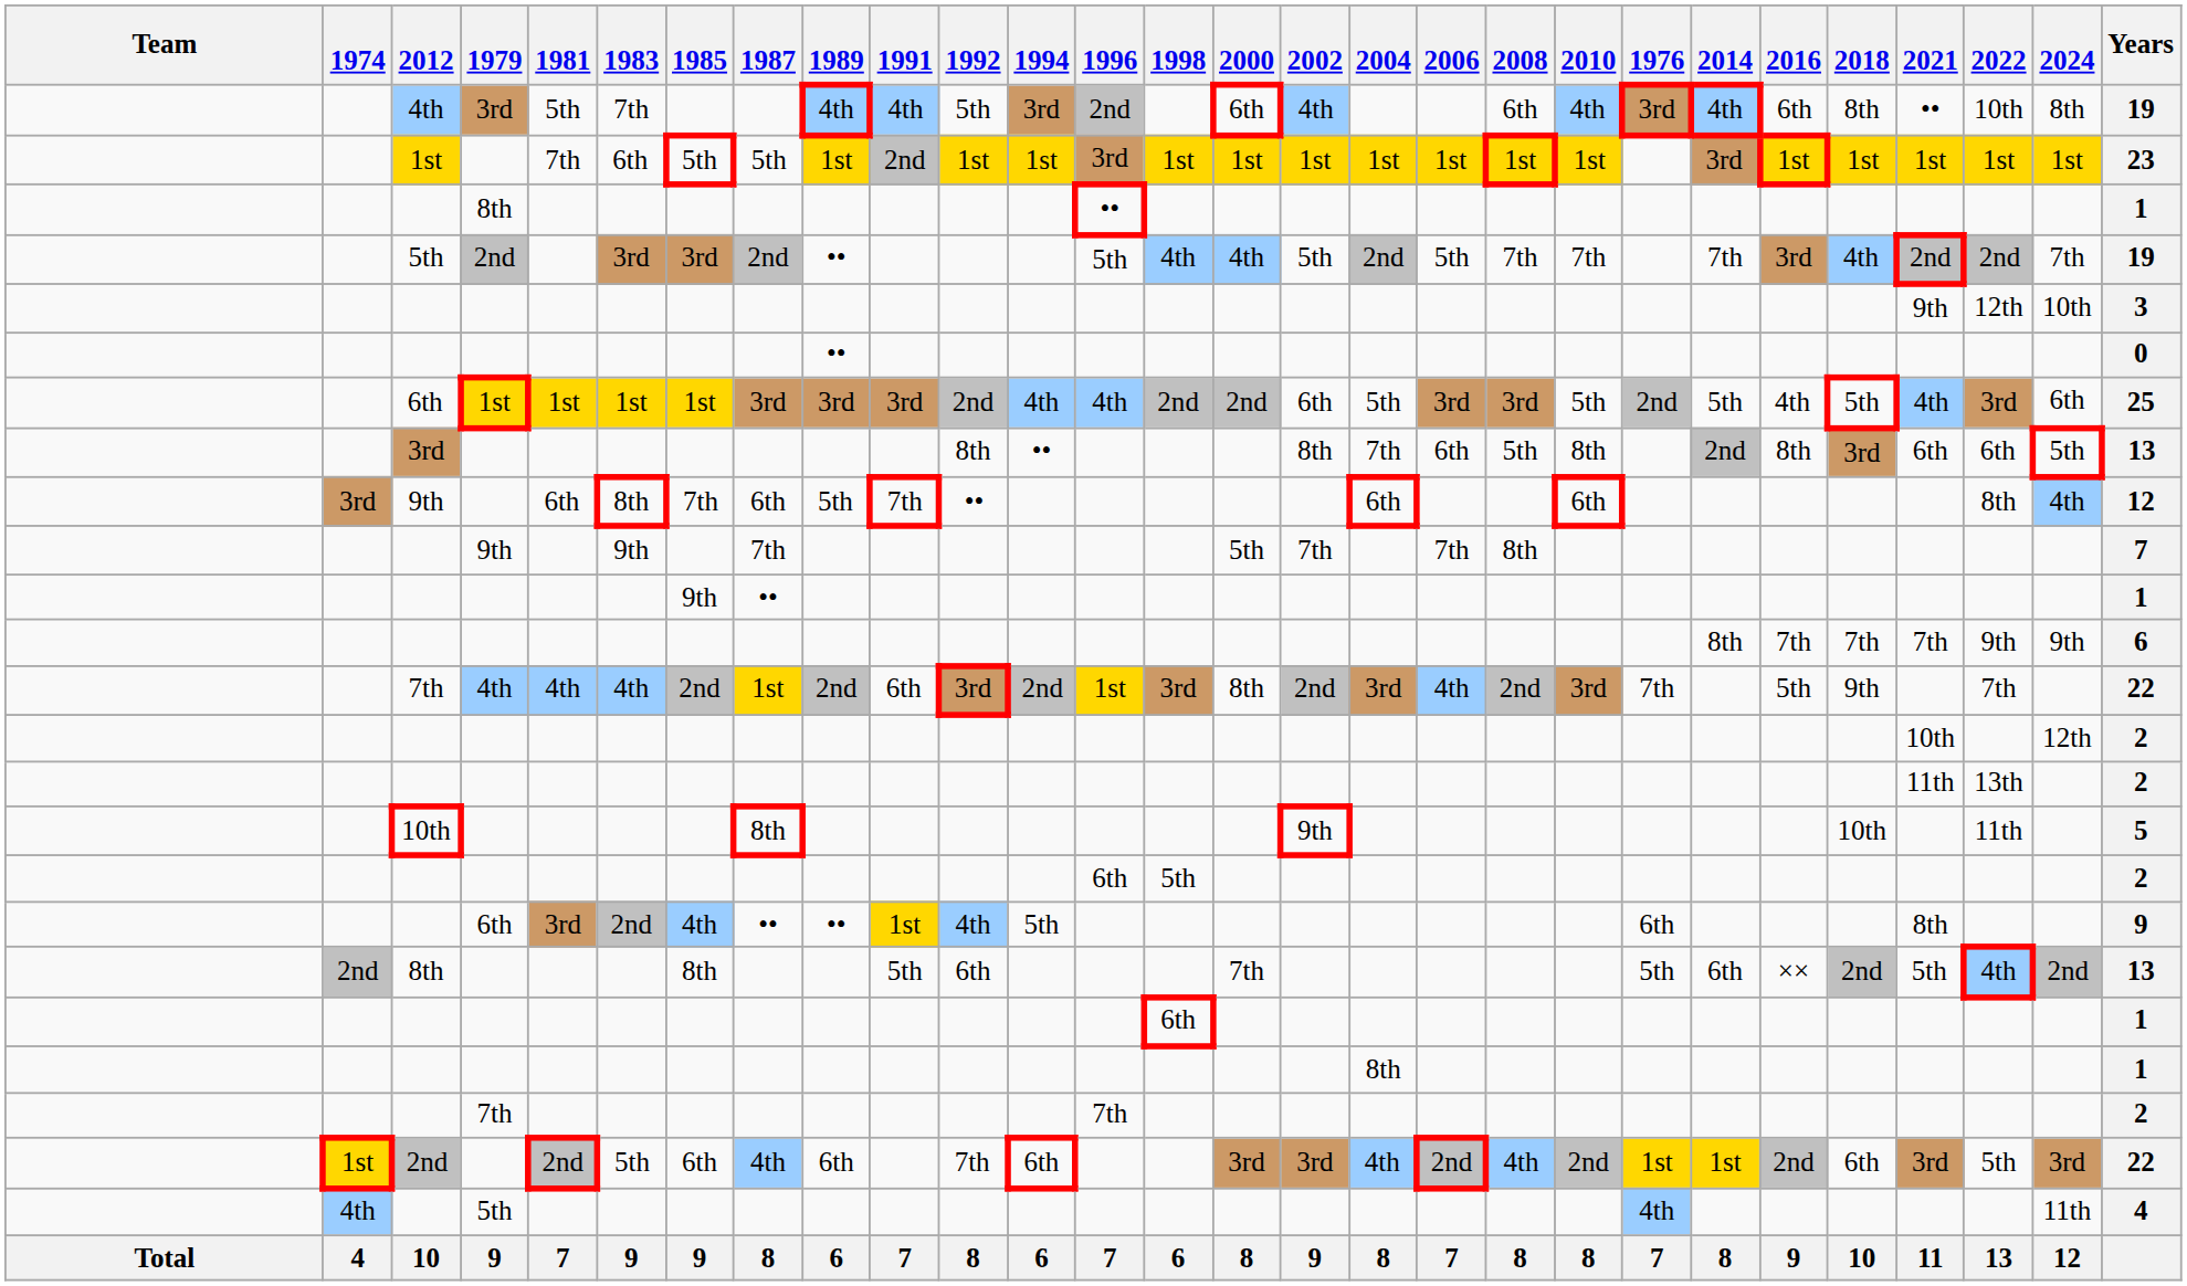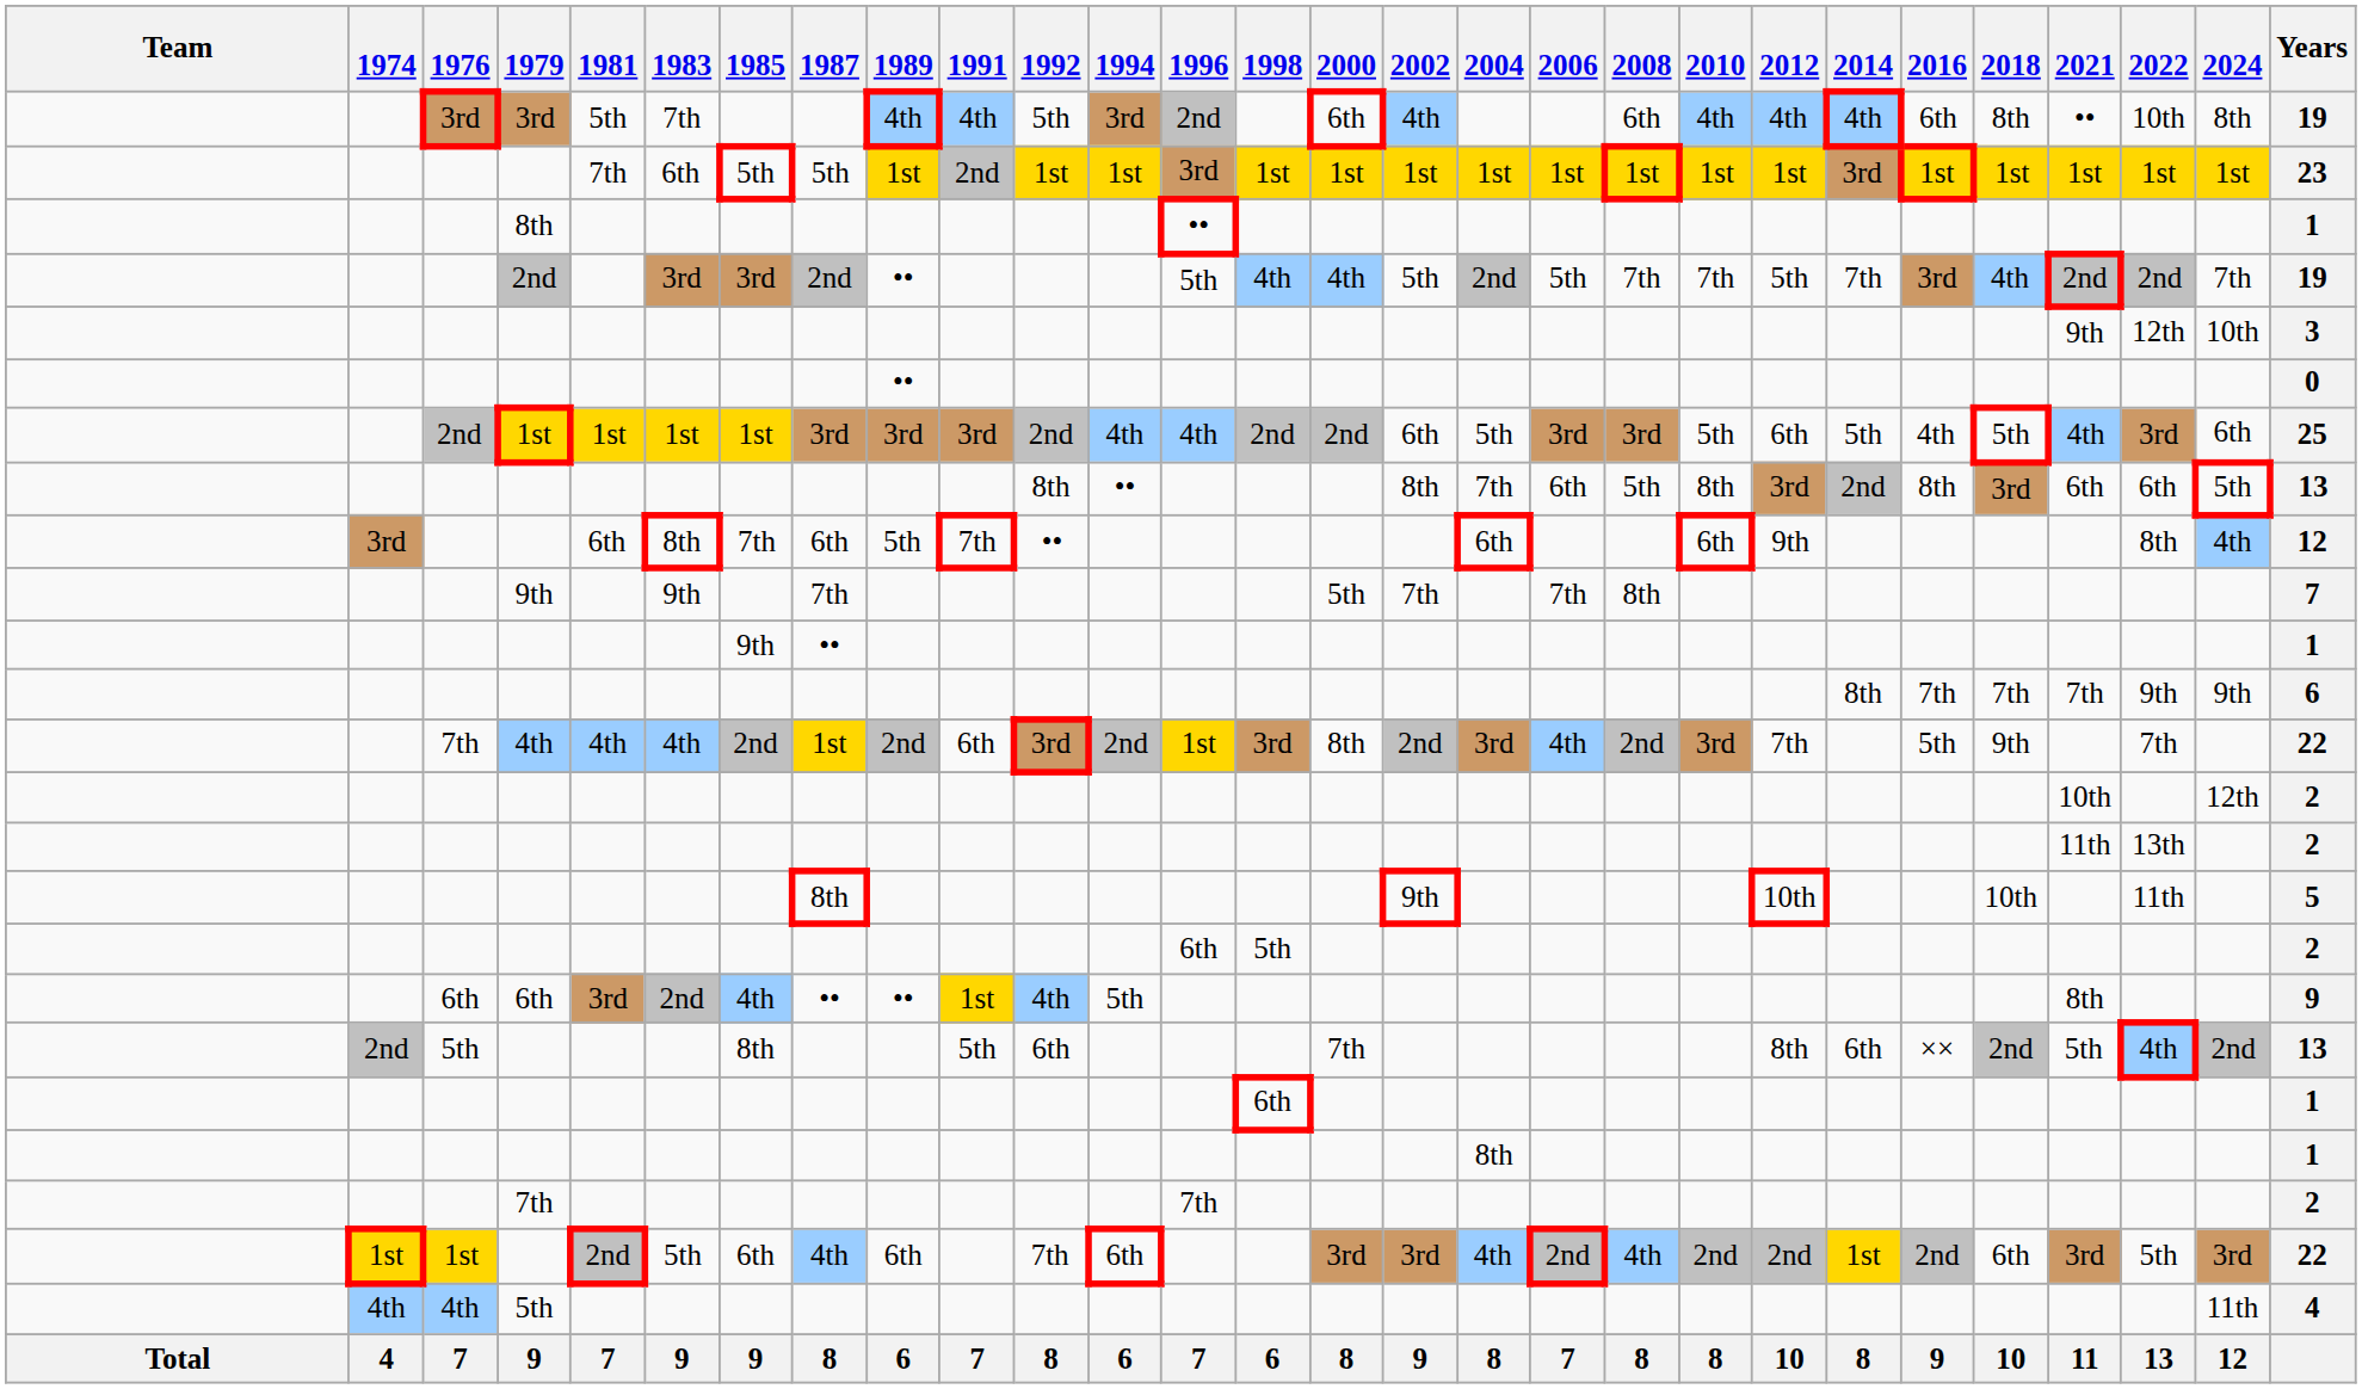 <table class="wikitable" style="text-align:center; font-size:85%">
 <tr>
 <th width="150px">Team</th>
 <th><br><a href='#'>1974</a></th>
-<th><br><a href='#'>2012</a></th>
+<th><br><a href='#'>1976</a></th>
 <th><br><a href='#'>1979</a></th>
 <th><br><a href='#'>1981</a></th>
 <th><br><a href='#'>1983</a></th>
 <th><br><a href='#'>1985</a></th>
 <th><br><a href='#'>1987</a></th>
 <th><br><a href='#'>1989</a></th>
 <th><br><a href='#'>1991</a></th>
 <th><br><a href='#'>1992</a></th>
 <th><br><a href='#'>1994</a></th>
 <th><br><a href='#'>1996</a></th>
 <th><br><a href='#'>1998</a></th>
 <th><br><a href='#'>2000</a></th>
 <th><br><a href='#'>2002</a></th>
 <th><br><a href='#'>2004</a></th>
 <th><br><a href='#'>2006</a></th>
 <th><br><a href='#'>2008</a></th>
 <th><br><a href='#'>2010</a></th>
-<th><br><a href='#'>1976</a></th>
+<th><br><a href='#'>2012</a></th>
 <th><br><a href='#'>2014</a></th>
 <th><br><a href='#'>2016</a></th>
 <th><br><a href='#'>2018</a></th>
 <th><br><a href='#'>2021</a></th>
 <th><br><a href='#'>2022</a></th>
 <th><br><a href='#'>2024</a></th>
 <th>Years</th>
 </tr>
 <tr>
 <td align=left></td>
 <td></td>
-<td bgcolor=#9acdff>4th</td>
+<td bgcolor=#cc9966 style="border:3px solid red">3rd</td>
 <td bgcolor=#cc9966>3rd</td>
 <td>5th</td>
 <td>7th</td>
 <td></td>
 <td></td>
 <td bgcolor=#9acdff style="border:3px solid red">4th</td>
 <td bgcolor=#9acdff>4th</td>
 <td>5th</td>
 <td bgcolor=#cc9966>3rd</td>
 <td bgcolor=Silver>2nd</td>
 <td></td>
 <td style="border:3px solid red">6th</td>
 <td bgcolor=#9acdff>4th</td>
 <td></td>
 <td></td>
 <td>6th</td>
 <td bgcolor=#9acdff>4th</td>
-<td bgcolor=#cc9966 style="border:3px solid red">3rd</td>
+<td bgcolor=#9acdff>4th</td>
 <td bgcolor=#9acdff style="border:3px solid red">4th</td>
 <td>6th</td>
 <td>8th</td>
 <td>••</td>
 <td>10th</td>
 <td>8th</td>
 <th>19</th>
 </tr>
 <tr>
 <td align=left></td>
 <td></td>
-<td bgcolor=Gold>1st</td>
+<td></td>
 <td></td>
 <td>7th</td>
 <td>6th</td>
 <td style="border:3px solid red">5th</td>
 <td>5th</td>
 <td bgcolor=Gold>1st</td>
 <td bgcolor=Silver>2nd</td>
 <td bgcolor=Gold>1st</td>
 <td bgcolor=Gold>1st</td>
 <td bgcolor=#cc9966>3rd</td>
 <td bgcolor=Gold>1st</td>
 <td bgcolor=Gold>1st</td>
 <td bgcolor=Gold>1st</td>
 <td bgcolor=Gold>1st</td>
 <td bgcolor=Gold>1st</td>
 <td bgcolor=Gold style="border:3px solid red">1st</td>
 <td bgcolor=Gold>1st</td>
-<td></td>
+<td bgcolor=Gold>1st</td>
 <td bgcolor=#cc9966>3rd</td>
 <td bgcolor=Gold style="border:3px solid red">1st</td>
 <td bgcolor=Gold>1st</td>
 <td bgcolor=Gold>1st</td>
 <td bgcolor=Gold>1st</td>
 <td bgcolor=Gold>1st</td>
 <th>23</th>
 </tr>
 <tr>
 <td align=left></td>
 <td></td>
 <td></td>
 <td>8th</td>
 <td></td>
 <td></td>
 <td></td>
 <td></td>
 <td></td>
 <td></td>
 <td></td>
 <td></td>
 <td style="border:3px solid red">••</td>
 <td></td>
 <td></td>
 <td></td>
 <td></td>
 <td></td>
 <td></td>
 <td></td>
 <td></td>
 <td></td>
 <td></td>
 <td></td>
 <td></td>
 <td></td>
 <td></td>
 <th>1</th>
 </tr>
 <tr>
 <td align=left></td>
 <td></td>
-<td>5th</td>
+<td></td>
 <td bgcolor=Silver>2nd</td>
 <td></td>
 <td bgcolor=#cc9966>3rd</td>
 <td bgcolor=#cc9966>3rd</td>
 <td bgcolor=Silver>2nd</td>
 <td>••</td>
 <td></td>
 <td></td>
 <td></td>
 <td>5th</td>
 <td bgcolor=#9acdff>4th</td>
 <td bgcolor=#9acdff>4th</td>
 <td>5th</td>
 <td bgcolor=Silver>2nd</td>
 <td>5th</td>
 <td>7th</td>
 <td>7th</td>
-<td></td>
+<td>5th</td>
 <td>7th</td>
 <td bgcolor=#cc9966>3rd</td>
 <td bgcolor=#9acdff>4th</td>
 <td style="border:3px solid red" bgcolor=Silver>2nd</td>
 <td bgcolor=Silver>2nd</td>
 <td>7th</td>
 <th>19</th>
 </tr>
 <tr>
 <td align=left></td>
 <td></td>
 <td></td>
 <td></td>
 <td></td>
 <td></td>
 <td></td>
 <td></td>
 <td></td>
 <td></td>
 <td></td>
 <td></td>
 <td></td>
 <td></td>
 <td></td>
 <td></td>
 <td></td>
 <td></td>
 <td></td>
 <td></td>
 <td></td>
 <td></td>
 <td></td>
 <td></td>
 <td>9th</td>
 <td>12th</td>
 <td>10th</td>
 <th>3</th>
 </tr>
 <tr>
 <td align=left></td>
 <td></td>
 <td></td>
 <td></td>
 <td></td>
 <td></td>
 <td></td>
 <td></td>
 <td>••</td>
 <td></td>
 <td></td>
 <td></td>
 <td></td>
 <td></td>
 <td></td>
 <td></td>
 <td></td>
 <td></td>
 <td></td>
 <td></td>
 <td></td>
 <td></td>
 <td></td>
 <td></td>
 <td></td>
 <td></td>
 <td></td>
 <th>0</th>
 </tr>
 <tr>
 <td align=left></td>
 <td></td>
-<td>6th</td>
+<td bgcolor=Silver>2nd</td>
 <td bgcolor=Gold style="border:3px solid red">1st</td>
 <td bgcolor=Gold>1st</td>
 <td bgcolor=Gold>1st</td>
 <td bgcolor=Gold>1st</td>
 <td bgcolor=#cc9966>3rd</td>
 <td bgcolor=#cc9966>3rd</td>
 <td bgcolor=#cc9966>3rd</td>
 <td bgcolor=Silver>2nd</td>
 <td bgcolor=#9acdff>4th</td>
 <td bgcolor=#9acdff>4th</td>
 <td bgcolor=Silver>2nd</td>
 <td bgcolor=Silver>2nd</td>
 <td>6th</td>
 <td>5th</td>
 <td bgcolor=#cc9966>3rd</td>
 <td bgcolor=#cc9966>3rd</td>
 <td>5th</td>
-<td bgcolor=Silver>2nd</td>
+<td>6th</td>
 <td>5th</td>
 <td>4th</td>
 <td style="border:3px solid red">5th</td>
 <td bgcolor=#9acdff>4th</td>
 <td bgcolor=#cc9966>3rd</td>
 <td>6th</td>
 <th>25</th>
 </tr>
 <tr>
 <td align=left></td>
 <td></td>
-<td bgcolor=#cc9966>3rd</td>
+<td></td>
 <td></td>
 <td></td>
 <td></td>
 <td></td>
 <td></td>
 <td></td>
 <td></td>
 <td>8th</td>
 <td>••</td>
 <td></td>
 <td></td>
 <td></td>
 <td>8th</td>
 <td>7th</td>
 <td>6th</td>
 <td>5th</td>
 <td>8th</td>
-<td></td>
+<td bgcolor=#cc9966>3rd</td>
 <td bgcolor=Silver>2nd</td>
 <td>8th</td>
 <td bgcolor=#cc9966>3rd</td>
 <td>6th</td>
 <td>6th</td>
 <td style="border:3px solid red">5th</td>
 <th>13</th>
 </tr>
 <tr>
 <td align=left></td>
 <td bgcolor=#cc9966>3rd</td>
-<td>9th</td>
+<td></td>
 <td></td>
 <td>6th</td>
 <td style="border:3px solid red">8th</td>
 <td>7th</td>
 <td>6th</td>
 <td>5th</td>
 <td style="border:3px solid red">7th</td>
 <td>••</td>
 <td></td>
 <td></td>
 <td></td>
 <td></td>
 <td></td>
 <td style="border:3px solid red">6th</td>
 <td></td>
 <td></td>
 <td style="border:3px solid red">6th</td>
-<td></td>
+<td>9th</td>
 <td></td>
 <td></td>
 <td></td>
 <td></td>
 <td>8th</td>
 <td bgcolor=#9acdff>4th</td>
 <th>12</th>
 </tr>
 <tr>
 <td align=left></td>
 <td></td>
 <td></td>
 <td>9th</td>
 <td></td>
 <td>9th</td>
 <td></td>
 <td>7th</td>
 <td></td>
 <td></td>
 <td></td>
 <td></td>
 <td></td>
 <td></td>
 <td>5th</td>
 <td>7th</td>
 <td></td>
 <td>7th</td>
 <td>8th</td>
 <td></td>
 <td></td>
 <td></td>
 <td></td>
 <td></td>
 <td></td>
 <td></td>
 <td></td>
 <th>7</th>
 </tr>
 <tr>
 <td align=left></td>
 <td></td>
 <td></td>
 <td></td>
 <td></td>
 <td></td>
 <td>9th</td>
 <td>••</td>
 <td></td>
 <td></td>
 <td></td>
 <td></td>
 <td></td>
 <td></td>
 <td></td>
 <td></td>
 <td></td>
 <td></td>
 <td></td>
 <td></td>
 <td></td>
 <td></td>
 <td></td>
 <td></td>
 <td></td>
 <td></td>
 <td></td>
 <th>1</th>
 </tr>
 <tr>
 <td align=left></td>
 <td></td>
 <td></td>
 <td></td>
 <td></td>
 <td></td>
 <td></td>
 <td></td>
 <td></td>
 <td></td>
 <td></td>
 <td></td>
 <td></td>
 <td></td>
 <td></td>
 <td></td>
 <td></td>
 <td></td>
 <td></td>
 <td></td>
 <td></td>
 <td>8th</td>
 <td>7th</td>
 <td>7th</td>
 <td>7th</td>
 <td>9th</td>
 <td>9th</td>
 <th>6</th>
 </tr>
 <tr>
 <td align=left></td>
 <td></td>
 <td>7th</td>
 <td bgcolor=#9acdff>4th</td>
 <td bgcolor=#9acdff>4th</td>
 <td bgcolor=#9acdff>4th</td>
 <td bgcolor=Silver>2nd</td>
 <td bgcolor=Gold>1st</td>
 <td bgcolor=Silver>2nd</td>
 <td>6th</td>
 <td bgcolor=#cc9966 style="border:3px solid red">3rd</td>
 <td bgcolor=Silver>2nd</td>
 <td bgcolor=Gold>1st</td>
 <td bgcolor=#cc9966>3rd</td>
 <td>8th</td>
 <td bgcolor=Silver>2nd</td>
 <td bgcolor=#cc9966>3rd</td>
 <td bgcolor=#9acdff>4th</td>
 <td bgcolor=Silver>2nd</td>
 <td bgcolor=#cc9966>3rd</td>
 <td>7th</td>
 <td></td>
 <td>5th</td>
 <td>9th</td>
 <td></td>
 <td>7th</td>
 <td></td>
 <th>22</th>
 </tr>
 <tr>
 <td align=left></td>
 <td></td>
 <td></td>
 <td></td>
 <td></td>
 <td></td>
 <td></td>
 <td></td>
 <td></td>
 <td></td>
 <td></td>
 <td></td>
 <td></td>
 <td></td>
 <td></td>
 <td></td>
 <td></td>
 <td></td>
 <td></td>
 <td></td>
 <td></td>
 <td></td>
 <td></td>
 <td></td>
 <td>10th</td>
 <td></td>
 <td>12th</td>
 <th>2</th>
 </tr>
 <tr>
 <td align=left></td>
 <td></td>
 <td></td>
 <td></td>
 <td></td>
 <td></td>
 <td></td>
 <td></td>
 <td></td>
 <td></td>
 <td></td>
 <td></td>
 <td></td>
 <td></td>
 <td></td>
 <td></td>
 <td></td>
 <td></td>
 <td></td>
 <td></td>
 <td></td>
 <td></td>
 <td></td>
 <td></td>
 <td>11th</td>
 <td>13th</td>
 <td></td>
 <th>2</th>
 </tr>
 <tr>
 <td align=left></td>
 <td></td>
-<td style="border:3px solid red">10th</td>
+<td></td>
 <td></td>
 <td></td>
 <td></td>
 <td></td>
 <td style="border:3px solid red">8th</td>
 <td></td>
 <td></td>
 <td></td>
 <td></td>
 <td></td>
 <td></td>
 <td></td>
 <td style="border:3px solid red">9th</td>
 <td></td>
 <td></td>
 <td></td>
 <td></td>
-<td></td>
+<td style="border:3px solid red">10th</td>
 <td></td>
 <td></td>
 <td>10th</td>
 <td></td>
 <td>11th</td>
 <td></td>
 <th>5</th>
 </tr>
 <tr>
 <td align=left></td>
 <td></td>
 <td></td>
 <td></td>
 <td></td>
 <td></td>
 <td></td>
 <td></td>
 <td></td>
 <td></td>
 <td></td>
 <td></td>
 <td>6th</td>
 <td>5th</td>
 <td></td>
 <td></td>
 <td></td>
 <td></td>
 <td></td>
 <td></td>
 <td></td>
 <td></td>
 <td></td>
 <td></td>
 <td></td>
 <td></td>
 <td></td>
 <th>2</th>
 </tr>
 <tr>
 <td align=left></td>
 <td></td>
-<td></td>
+<td>6th</td>
 <td>6th</td>
 <td bgcolor=#cc9966>3rd</td>
 <td bgcolor=Silver>2nd</td>
 <td bgcolor=#9acdff>4th</td>
 <td>••</td>
 <td>••</td>
 <td bgcolor=Gold>1st</td>
 <td bgcolor=#9acdff>4th</td>
 <td>5th</td>
 <td></td>
 <td></td>
 <td></td>
 <td></td>
 <td></td>
 <td></td>
 <td></td>
 <td></td>
-<td>6th</td>
+<td></td>
 <td></td>
 <td></td>
 <td></td>
 <td>8th</td>
 <td></td>
 <td></td>
 <th>9</th>
 </tr>
 <tr>
 <td align=left></td>
 <td bgcolor=Silver>2nd</td>
-<td>8th</td>
+<td>5th</td>
 <td></td>
 <td></td>
 <td></td>
 <td>8th</td>
 <td></td>
 <td></td>
 <td>5th</td>
 <td>6th</td>
 <td></td>
 <td></td>
 <td></td>
 <td>7th</td>
 <td></td>
 <td></td>
 <td></td>
 <td></td>
 <td></td>
-<td>5th</td>
+<td>8th</td>
 <td>6th</td>
 <td>××</td>
 <td bgcolor=Silver>2nd</td>
 <td>5th</td>
 <td bgcolor=#9acdff style="border:3px solid red">4th</td>
 <td bgcolor=Silver>2nd</td>
 <th>13</th>
 </tr>
 <tr>
 <td align=left></td>
 <td></td>
 <td></td>
 <td></td>
 <td></td>
 <td></td>
 <td></td>
 <td></td>
 <td></td>
 <td></td>
 <td></td>
 <td></td>
 <td></td>
 <td style="border:3px solid red">6th</td>
 <td></td>
 <td></td>
 <td></td>
 <td></td>
 <td></td>
 <td></td>
 <td></td>
 <td></td>
 <td></td>
 <td></td>
 <td></td>
 <td></td>
 <td></td>
 <th>1</th>
 </tr>
 <tr>
 <td align=left></td>
 <td></td>
 <td></td>
 <td></td>
 <td></td>
 <td></td>
 <td></td>
 <td></td>
 <td></td>
 <td></td>
 <td></td>
 <td></td>
 <td></td>
 <td></td>
 <td></td>
 <td></td>
 <td>8th</td>
 <td></td>
 <td></td>
 <td></td>
 <td></td>
 <td></td>
 <td></td>
 <td></td>
 <td></td>
 <td></td>
 <td></td>
 <th>1</th>
 </tr>
 <tr>
 <td align=left></td>
 <td></td>
 <td></td>
 <td>7th</td>
 <td></td>
 <td></td>
 <td></td>
 <td></td>
 <td></td>
 <td></td>
 <td></td>
 <td></td>
 <td>7th</td>
 <td></td>
 <td></td>
 <td></td>
 <td></td>
 <td></td>
 <td></td>
 <td></td>
 <td></td>
 <td></td>
 <td></td>
 <td></td>
 <td></td>
 <td></td>
 <td></td>
 <th>2</th>
 </tr>
 <tr>
 <td align=left></td>
 <td bgcolor=Gold style="border:3px solid red">1st</td>
-<td bgcolor=Silver>2nd</td>
+<td bgcolor=Gold>1st</td>
 <td></td>
 <td bgcolor=Silver style="border:3px solid red">2nd</td>
 <td>5th</td>
 <td>6th</td>
 <td bgcolor=#9acdff>4th</td>
 <td>6th</td>
 <td></td>
 <td>7th</td>
 <td style="border:3px solid red">6th</td>
 <td></td>
 <td></td>
 <td bgcolor=#cc9966>3rd</td>
 <td bgcolor=#cc9966>3rd</td>
 <td bgcolor=#9acdff>4th</td>
 <td bgcolor=Silver style="border:3px solid red">2nd</td>
 <td bgcolor=#9acdff>4th</td>
 <td bgcolor=Silver>2nd</td>
-<td bgcolor=Gold>1st</td>
+<td bgcolor=Silver>2nd</td>
 <td bgcolor=Gold>1st</td>
 <td bgcolor=Silver>2nd</td>
 <td>6th</td>
 <td bgcolor=#cc9966>3rd</td>
 <td>5th</td>
 <td bgcolor=#cc9966>3rd</td>
 <th>22</th>
 </tr>
 <tr>
 <td align=left></td>
 <td bgcolor=#9acdff>4th</td>
-<td></td>
+<td bgcolor=#9acdff>4th</td>
 <td>5th</td>
 <td></td>
 <td></td>
 <td></td>
 <td></td>
 <td></td>
 <td></td>
 <td></td>
 <td></td>
 <td></td>
 <td></td>
 <td></td>
 <td></td>
 <td></td>
 <td></td>
 <td></td>
 <td></td>
-<td bgcolor=#9acdff>4th</td>
+<td></td>
 <td></td>
 <td></td>
 <td></td>
 <td></td>
 <td></td>
 <td>11th</td>
 <th>4</th>
 </tr>
 <tr>
 <th>Total</th>
 <th>4</th>
-<th>10</th>
+<th>7</th>
 <th>9</th>
 <th>7</th>
 <th>9</th>
 <th>9</th>
 <th>8</th>
 <th>6</th>
 <th>7</th>
 <th>8</th>
 <th>6</th>
 <th>7</th>
 <th>6</th>
 <th>8</th>
 <th>9</th>
 <th>8</th>
 <th>7</th>
 <th>8</th>
 <th>8</th>
-<th>7</th>
+<th>10</th>
 <th>8</th>
 <th>9</th>
 <th>10</th>
 <th>11</th>
 <th>13</th>
 <th>12</th>
 <th></th>
 </tr>
 </table>
